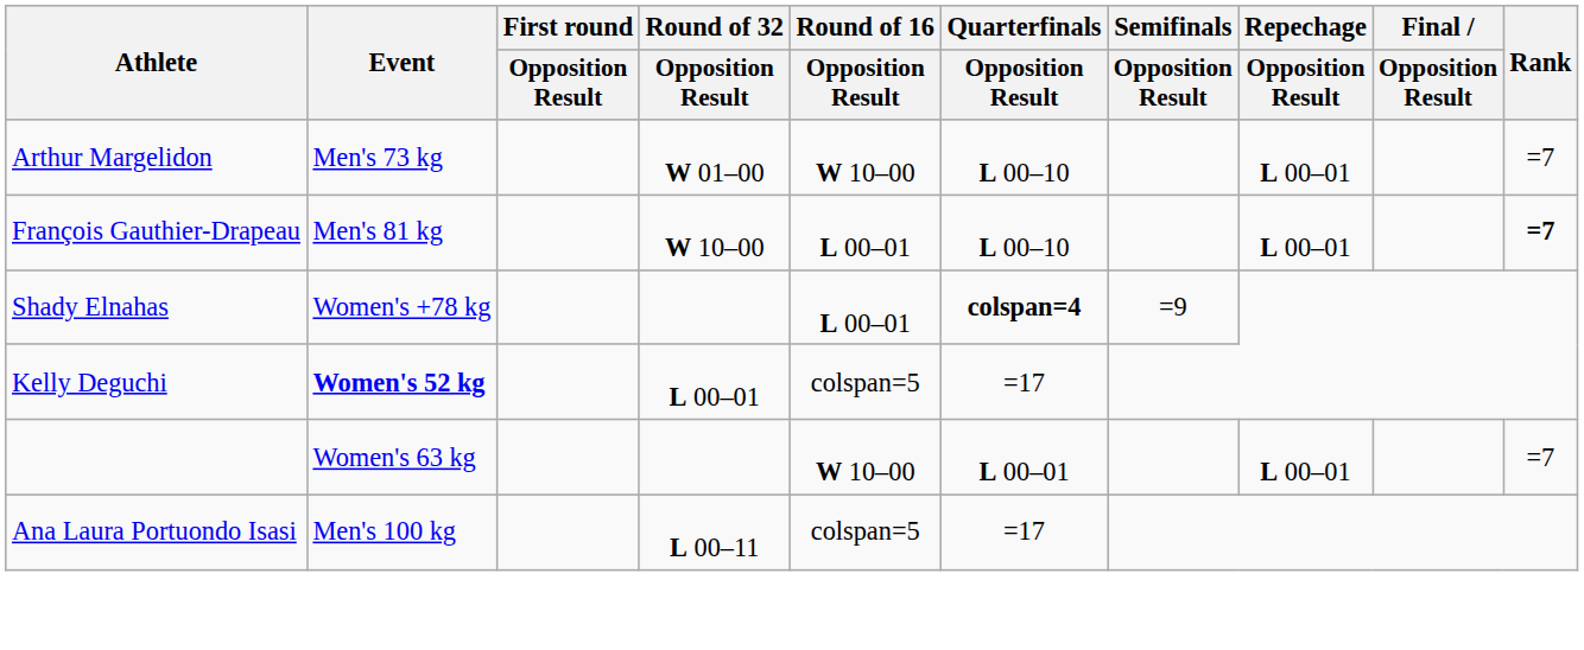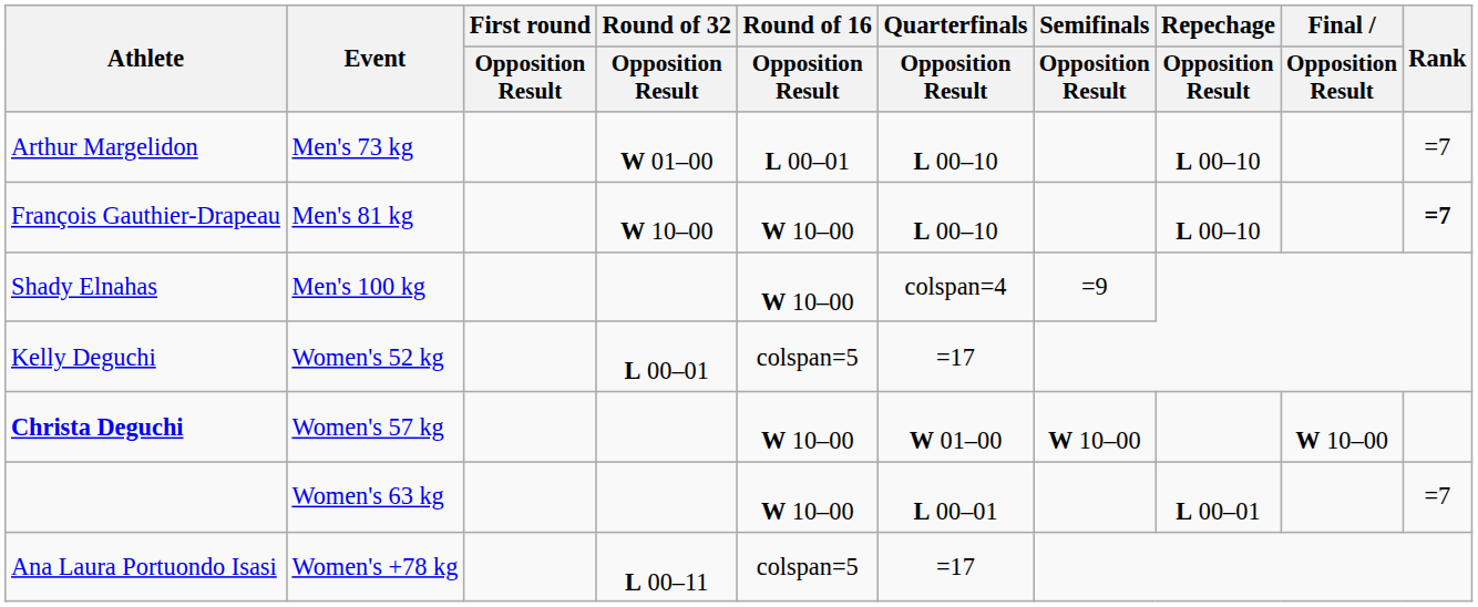 <table class=wikitable style=font-size:90%;text-align:center>
 <tr>
 <th rowspan=2>Athlete</th>
 <th rowspan=2>Event</th>
 <th>First round</th>
 <th>Round of 32</th>
 <th>Round of 16</th>
 <th>Quarterfinals</th>
 <th>Semifinals</th>
 <th>Repechage</th>
 <th>Final / </th>
 <th rowspan=2>Rank</th>
 </tr>
 <tr style=font-size:95%>
 <th>Opposition<br>Result</th>
 <th>Opposition<br>Result</th>
 <th>Opposition<br>Result</th>
 <th>Opposition<br>Result</th>
 <th>Opposition<br>Result</th>
 <th>Opposition<br>Result</th>
 <th>Opposition<br>Result</th>
 </tr>
 <tr>
 <td align=left><a href='#'>Arthur Margelidon</a></td>
 <td align=left><a href='#'>Men's 73 kg</a></td>
 <td></td>
 <td><br><strong>W</strong> 01–00</td>
-<td><br><strong>W</strong> 10–00</td>
+<td><br><strong>L</strong> 00–01</td>
 <td><br><strong>L</strong> 00–10</td>
 <td></td>
-<td><br><strong>L</strong> 00–01</td>
+<td><br><strong>L</strong> 00–10</td>
 <td></td>
 <td>=7</td>
 </tr>
 <tr>
 <td align=left><a href='#'>François Gauthier-Drapeau</a></td>
 <td align=left><a href='#'>Men's 81 kg</a></td>
 <td></td>
 <td><br><strong>W</strong> 10–00</td>
-<td><br><strong>L</strong> 00–01</td>
+<td><br><strong>W</strong> 10–00</td>
 <td><br><strong>L</strong> 00–10</td>
 <td></td>
-<td><br><strong>L</strong> 00–01</td>
+<td><br><strong>L</strong> 00–10</td>
 <td></td>
 <td><strong>=7</strong></td>
 </tr>
 <tr>
 <td align=left><a href='#'>Shady Elnahas</a></td>
-<td align=left><a href='#'>Women's +78 kg</a></td>
+<td align=left><a href='#'>Men's 100 kg</a></td>
 <td></td>
 <td></td>
-<td><br><strong>L</strong> 00–01</td>
-<td><strong>colspan=4 </strong></td>
+<td><br><strong>W</strong> 10–00</td>
+<td>colspan=4 </td>
 <td>=9</td>
 </tr>
 <tr>
 <td align=left><a href='#'>Kelly Deguchi</a></td>
-<td align=left><strong><a href='#'>Women's 52 kg</a></strong></td>
+<td align=left><a href='#'>Women's 52 kg</a></td>
 <td></td>
 <td><br><strong>L</strong> 00–01</td>
 <td>colspan=5 </td>
 <td>=17</td>
+</tr>
+<tr>
+<td align=left><strong><a href='#'>Christa Deguchi</a></strong></td>
+<td align=left><a href='#'>Women's 57 kg</a></td>
+<td></td>
+<td></td>
+<td><br><strong>W</strong> 10–00</td>
+<td><br><strong>W</strong> 01–00</td>
+<td><br><strong>W</strong> 10–00</td>
+<td></td>
+<td><br><strong>W</strong> 10–00</td>
+<td></td>
 </tr>
 <tr>
 <td align=left></td>
 <td align=left><a href='#'>Women's 63 kg</a></td>
 <td></td>
 <td></td>
 <td><br><strong>W</strong> 10–00</td>
 <td><br><strong>L</strong> 00–01</td>
 <td></td>
 <td><br><strong>L</strong> 00–01</td>
 <td></td>
 <td>=7</td>
 </tr>
 <tr align=center>
 <td align=left><a href='#'>Ana Laura Portuondo Isasi</a></td>
-<td align=left><a href='#'>Men's 100 kg</a></td>
+<td align=left><a href='#'>Women's +78 kg</a></td>
 <td></td>
 <td><br><strong>L</strong> 00–11</td>
 <td>colspan=5 </td>
 <td>=17</td>
 </tr>
 </table>
